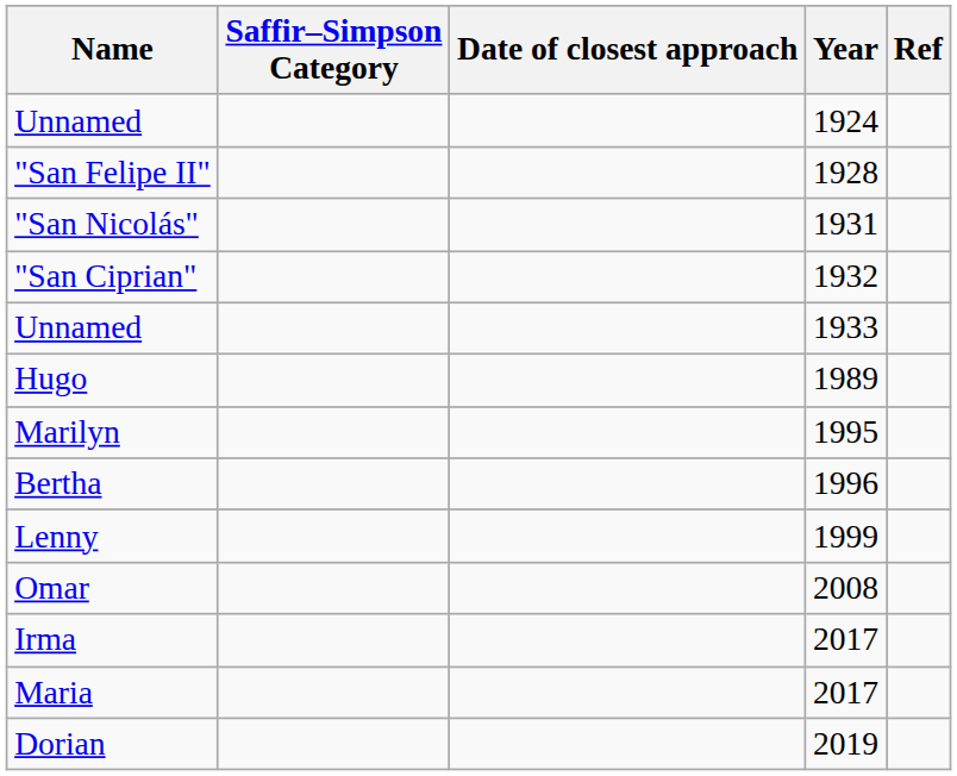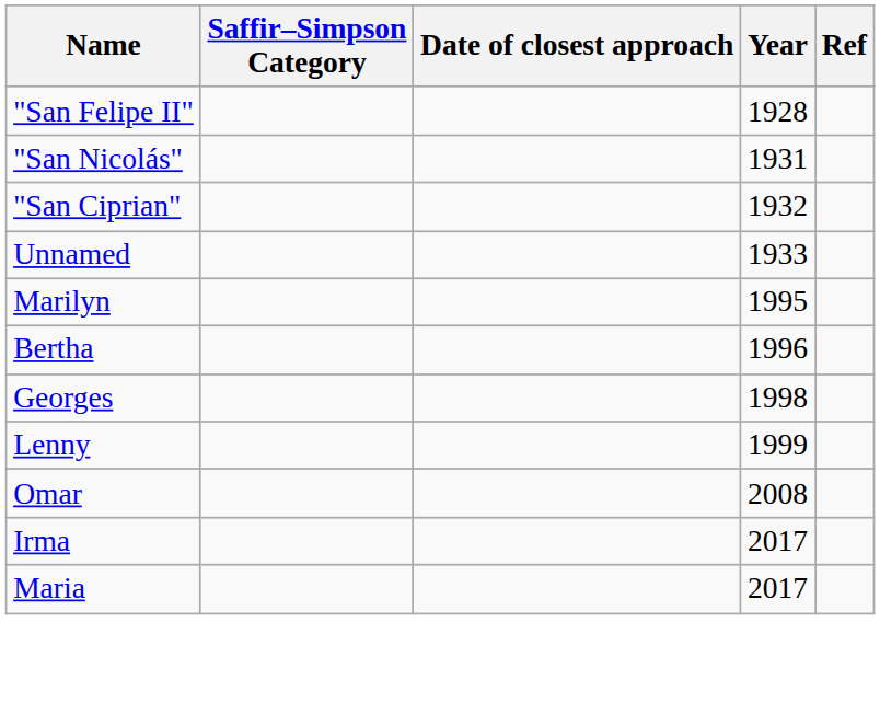 <table class = "wikitable" style="margin:1em auto;">
 <tr>
 <th>Name</th>
 <th><a href='#'>Saffir–Simpson</a><br>Category</th>
 <th>Date of closest approach</th>
 <th>Year</th>
 <th>Ref</th>
-</tr>
-<tr>
-<td><a href='#'>Unnamed</a></td>
-<td></td>
-<td></td>
-<td>1924</td>
-<td></td>
 </tr>
 <tr>
 <td><a href='#'>"San Felipe II"</a></td>
 <td></td>
 <td></td>
 <td>1928</td>
 <td></td>
 </tr>
 <tr>
 <td><a href='#'>"San Nicolás"</a></td>
 <td></td>
 <td></td>
 <td>1931</td>
 <td></td>
 </tr>
 <tr>
 <td><a href='#'>"San Ciprian"</a></td>
 <td></td>
 <td></td>
 <td>1932</td>
 <td></td>
 </tr>
 <tr>
 <td><a href='#'>Unnamed</a></td>
 <td></td>
 <td></td>
 <td>1933</td>
 <td></td>
 </tr>
 <tr>
-<td><a href='#'>Hugo</a></td>
-<td></td>
-<td></td>
-<td>1989</td>
-<td></td>
-</tr>
-<tr>
 <td><a href='#'>Marilyn</a></td>
 <td></td>
 <td></td>
 <td>1995</td>
 <td></td>
 </tr>
 <tr>
 <td><a href='#'>Bertha</a></td>
 <td></td>
 <td></td>
 <td>1996</td>
+<td></td>
+</tr>
+<tr>
+<td><a href='#'>Georges</a></td>
+<td></td>
+<td></td>
+<td>1998</td>
 <td></td>
 </tr>
 <tr>
 <td><a href='#'>Lenny</a></td>
 <td></td>
 <td></td>
 <td>1999</td>
 <td></td>
 </tr>
 <tr>
 <td><a href='#'>Omar</a></td>
 <td></td>
 <td></td>
 <td>2008</td>
 <td></td>
 </tr>
 <tr>
 <td><a href='#'>Irma</a></td>
 <td></td>
 <td></td>
 <td>2017</td>
 <td></td>
 </tr>
 <tr>
 <td><a href='#'>Maria</a></td>
 <td></td>
 <td></td>
 <td>2017</td>
 <td></td>
 </tr>
-<tr>
-<td><a href='#'>Dorian</a></td>
-<td></td>
-<td></td>
-<td>2019</td>
-<td></td>
-</tr>
 </table>
